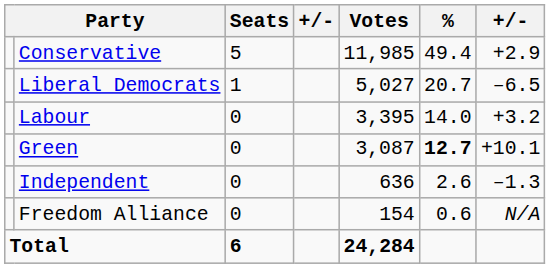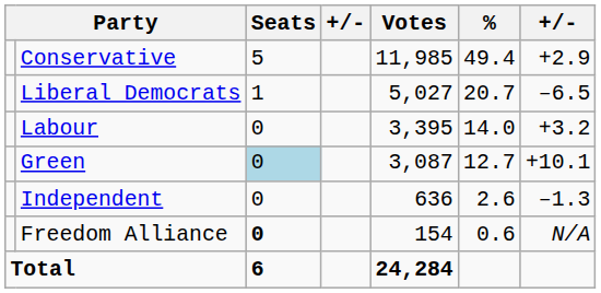 <table class="wikitable sortable">
 <tr>
 <th colspan="2">Party</th>
 <th>Seats</th>
 <th>+/-</th>
 <th>Votes</th>
 <th>%</th>
 <th>+/-</th>
 </tr>
 <tr>
 <td style="background-color: "></td>
 <td><a href='#'>Conservative</a></td>
 <td>5</td>
 <td></td>
 <td style="text-align:right;">11,985</td>
 <td style="text-align:right;">49.4</td>
 <td style="text-align:right;">+2.9</td>
 </tr>
 <tr>
 <td style="background-color: "></td>
 <td><a href='#'>Liberal Democrats</a></td>
 <td>1</td>
 <td></td>
 <td style="text-align:right;">5,027</td>
 <td style="text-align:right;">20.7</td>
 <td style="text-align:right;">–6.5</td>
 </tr>
 <tr>
 <td style="background-color: "></td>
 <td><a href='#'>Labour</a></td>
 <td>0</td>
 <td></td>
 <td style="text-align:right;">3,395</td>
 <td style="text-align:right;">14.0</td>
 <td style="text-align:right;">+3.2</td>
 </tr>
 <tr>
 <td style="background-color: "></td>
 <td><a href='#'>Green</a></td>
-<td>0</td>
+<td style="background: lightblue;">0</td>
 <td></td>
 <td style="text-align:right;">3,087</td>
-<td style="text-align:right;"><strong>12.7</strong></td>
+<td style="text-align:right;">12.7</td>
 <td style="text-align:right;">+10.1</td>
 </tr>
 <tr>
 <td style="background-color: "></td>
 <td><a href='#'>Independent</a></td>
 <td>0</td>
 <td></td>
 <td style="text-align:right;">636</td>
 <td style="text-align:right;">2.6</td>
 <td style="text-align:right;">–1.3</td>
 </tr>
 <tr>
 <td style="background-color: "></td>
 <td>Freedom Alliance</td>
-<td>0</td>
+<td><strong>0</strong></td>
 <td></td>
 <td style="text-align:right;">154</td>
 <td style="text-align:right;">0.6</td>
 <td style="text-align:right;"><em>N/A</em></td>
 </tr>
 <tr>
 <td colspan="2"><strong>Total</strong></td>
 <td><strong>6</strong></td>
 <td></td>
 <td style="text-align:right;"><strong>24,284</strong></td>
 <td style="text-align:right;"></td>
 <td style="text-align:right;"></td>
 </tr>
 </table>
